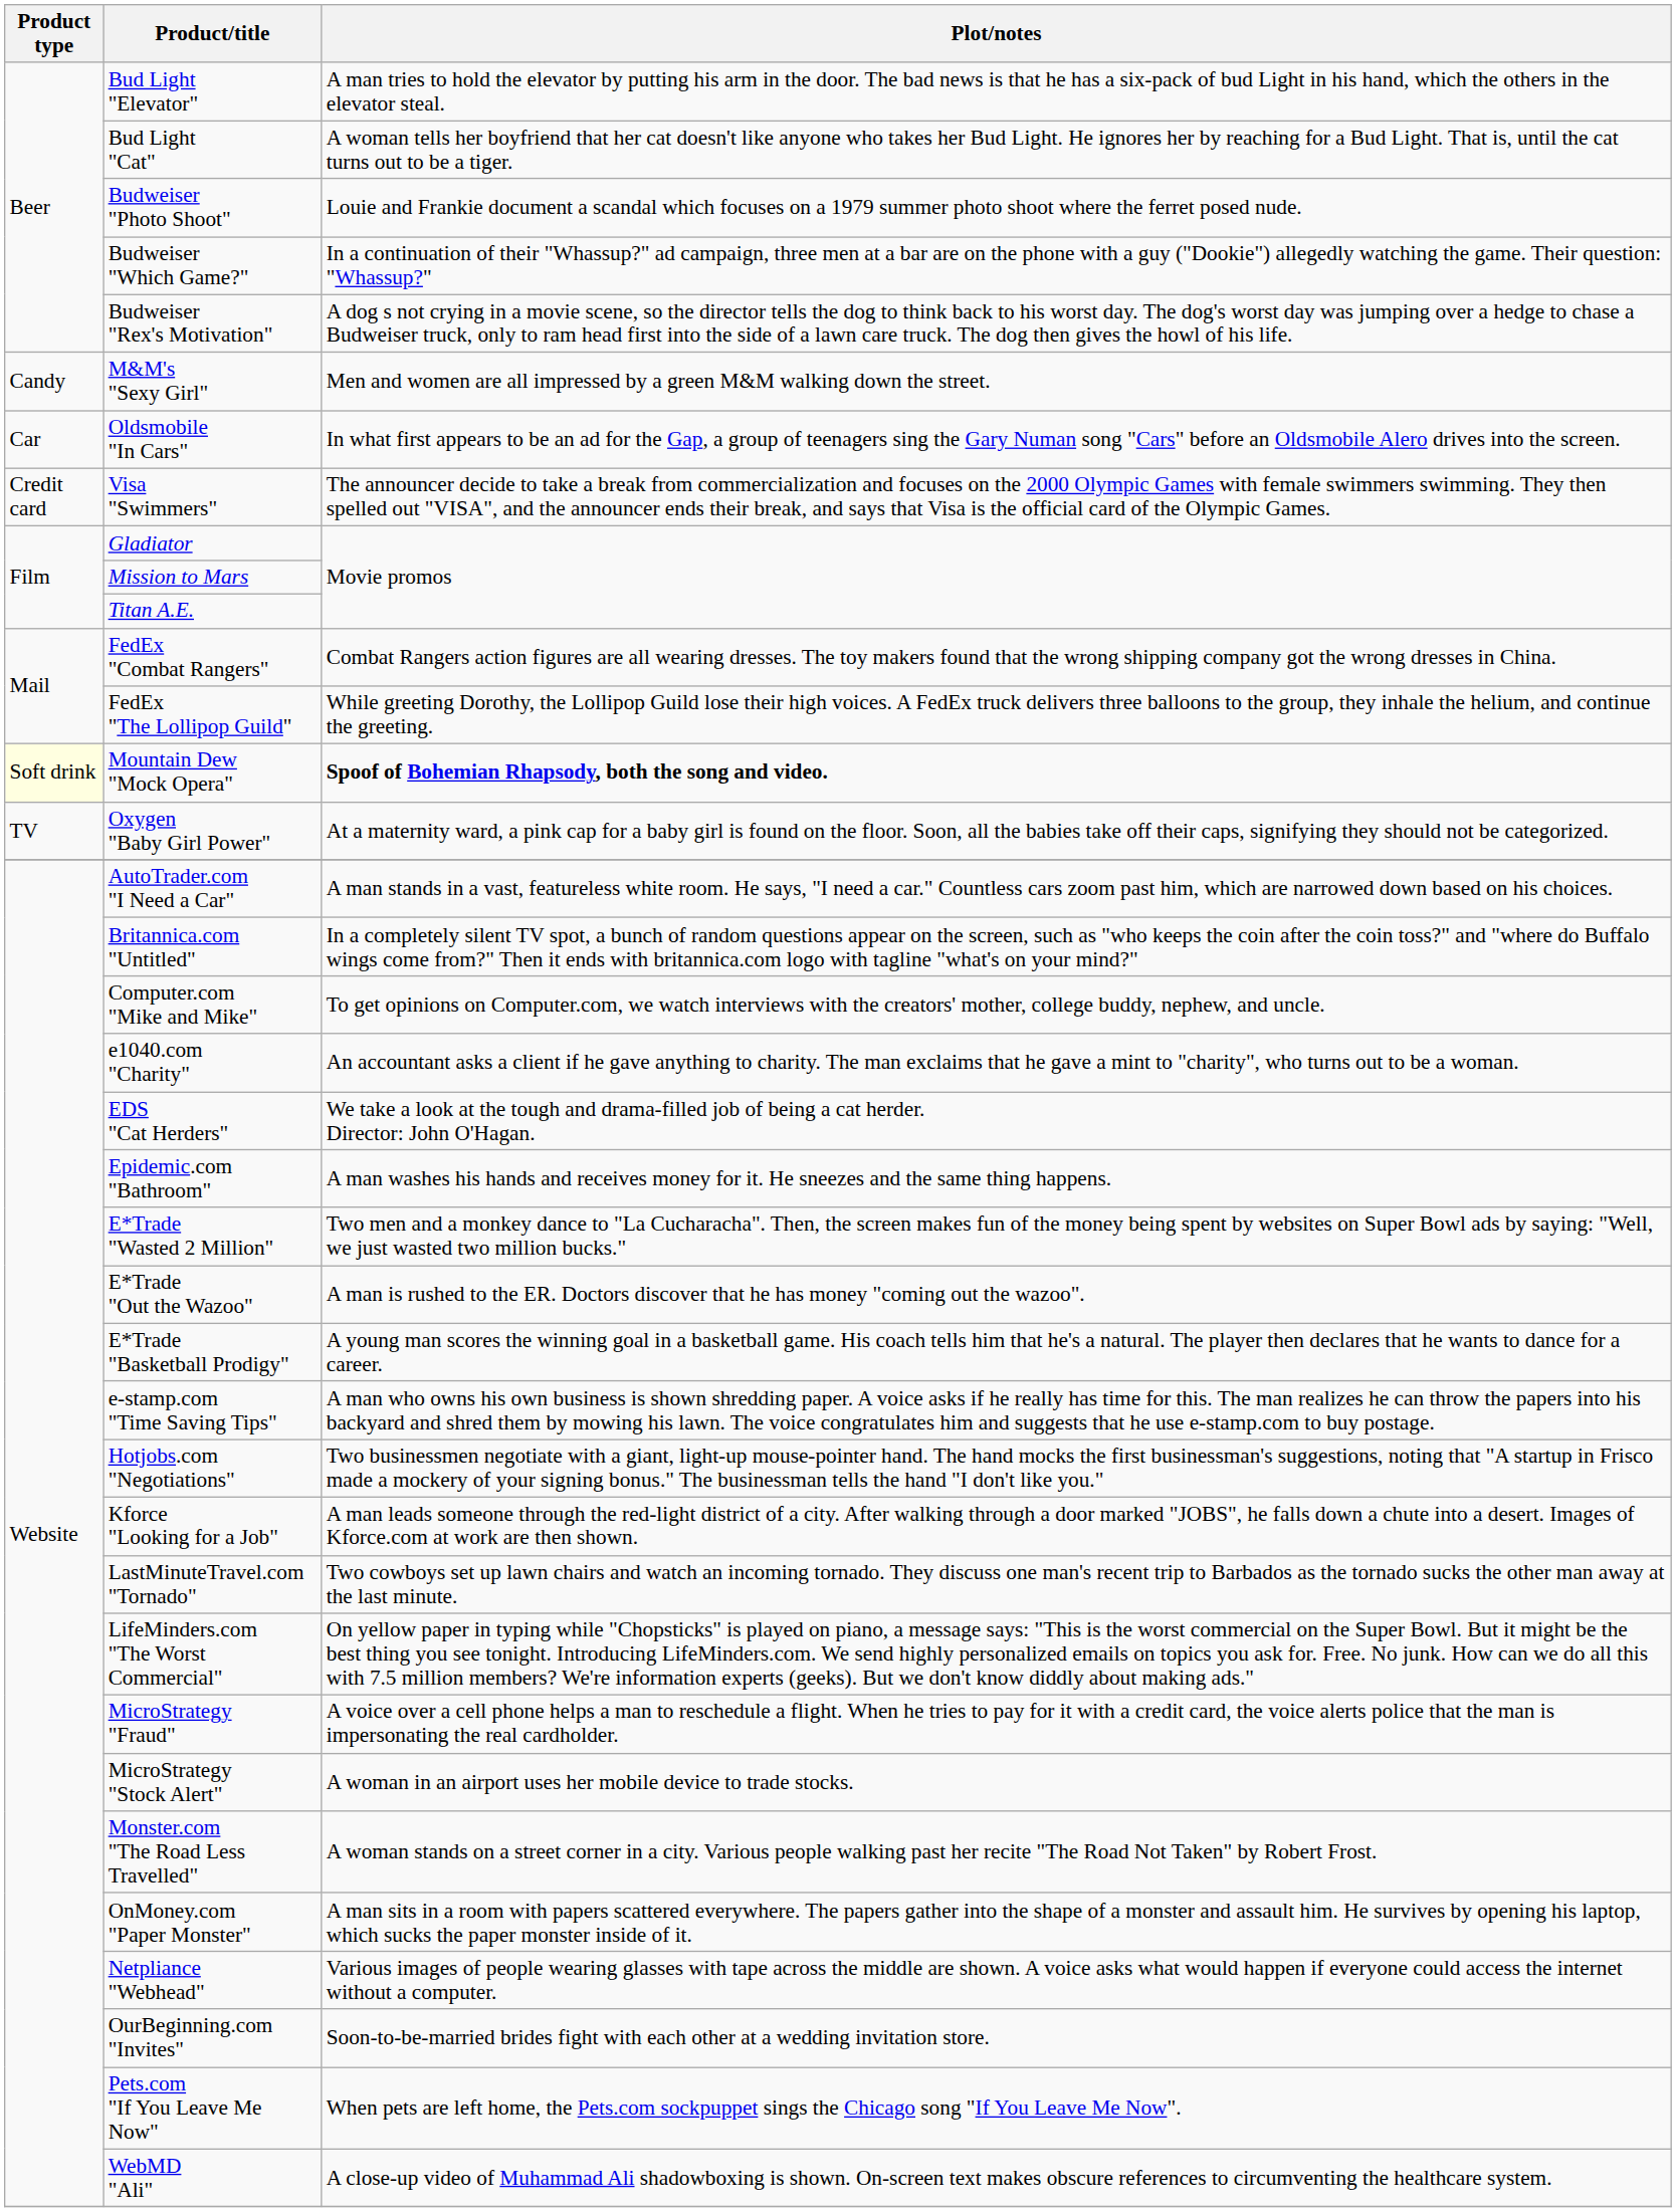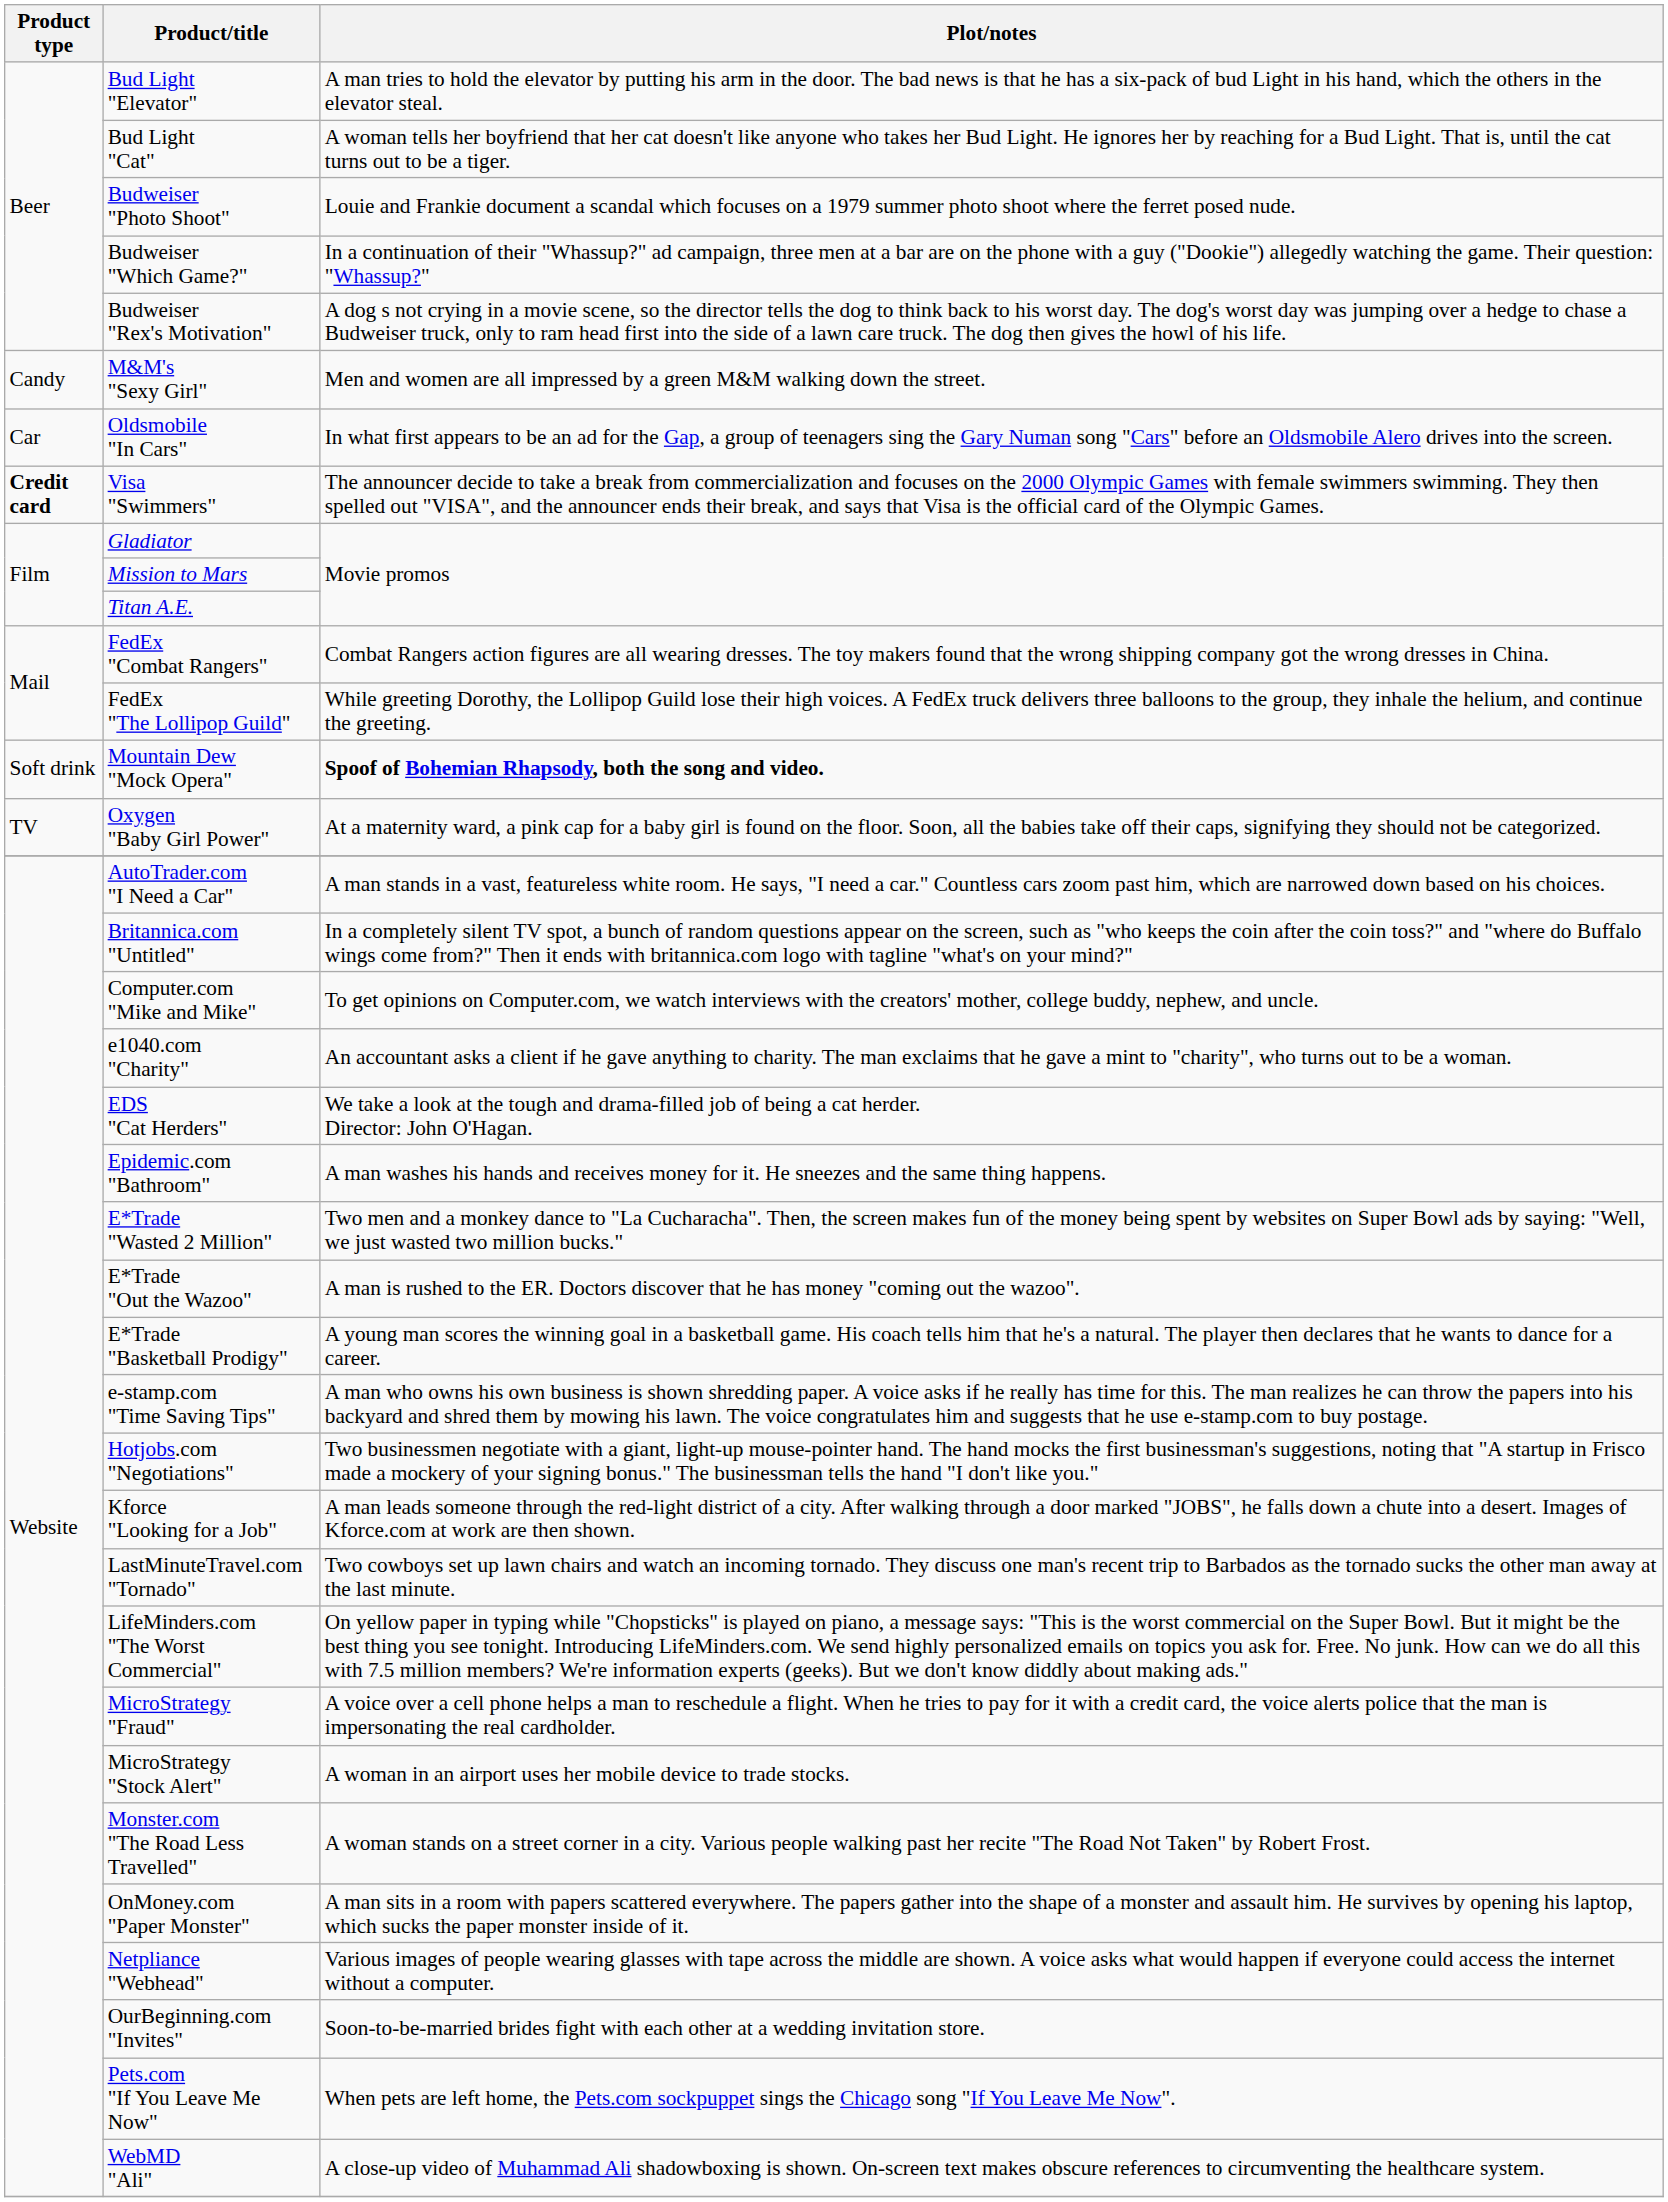 <table class="wikitable">
 <tr>
 <th>Product type</th>
 <th>Product/title</th>
 <th>Plot/notes</th>
 </tr>
 <tr>
 <td rowspan="5">Beer</td>
 <td><a href='#'>Bud Light</a><br>"Elevator"</td>
 <td>A man tries to hold the elevator by putting his arm in the door. The bad news is that he has a six-pack of bud Light in his hand, which the others in the elevator steal.</td>
 </tr>
 <tr>
 <td>Bud Light<br>"Cat"</td>
 <td>A woman tells her boyfriend that her cat doesn't like anyone who takes her Bud Light. He ignores her by reaching for a Bud Light. That is, until the cat turns out to be a tiger.</td>
 </tr>
 <tr>
 <td><a href='#'>Budweiser</a><br>"Photo Shoot"</td>
 <td>Louie and Frankie document a scandal which focuses on a 1979 summer photo shoot where the ferret posed nude.</td>
 </tr>
 <tr>
 <td>Budweiser<br>"Which Game?"</td>
 <td>In a continuation of their "Whassup?" ad campaign, three men at a bar are on the phone with a guy ("Dookie") allegedly watching the game. Their question: "<a href='#'>Whassup?</a>"</td>
 </tr>
 <tr>
 <td>Budweiser<br>"Rex's Motivation"</td>
 <td>A dog s not crying in a movie scene, so the director tells the dog to think back to his worst day. The dog's worst day was jumping over a hedge to chase a Budweiser truck, only to ram head first into the side of a lawn care truck. The dog then gives the howl of his life.</td>
 </tr>
 <tr>
 <td>Candy</td>
 <td><a href='#'>M&M's</a><br>"Sexy Girl"</td>
 <td>Men and women are all impressed by a green M&M walking down the street.</td>
 </tr>
 <tr>
 <td>Car</td>
 <td><a href='#'>Oldsmobile</a><br>"In Cars"</td>
 <td>In what first appears to be an ad for the <a href='#'>Gap</a>, a group of teenagers sing the <a href='#'>Gary Numan</a> song "<a href='#'>Cars</a>" before an <a href='#'>Oldsmobile Alero</a> drives into the screen.</td>
 </tr>
 <tr>
-<td>Credit card</td>
+<td><strong>Credit card</strong></td>
 <td><a href='#'>Visa</a><br>"Swimmers"</td>
 <td>The announcer decide to take a break from commercialization and focuses on the <a href='#'>2000 Olympic Games</a> with female swimmers swimming. They then spelled out "VISA", and the announcer ends their break, and says that Visa is the official card of the Olympic Games.</td>
 </tr>
 <tr>
 <td rowspan="3">Film</td>
 <td><em><a href='#'>Gladiator</a></em></td>
 <td rowspan="3">Movie promos</td>
 </tr>
 <tr>
 <td><em><a href='#'>Mission to Mars</a></em></td>
 </tr>
 <tr>
 <td><em><a href='#'>Titan A.E.</a></em></td>
 </tr>
 <tr>
 <td rowspan="2">Mail</td>
 <td><a href='#'>FedEx</a><br>"Combat Rangers"</td>
 <td>Combat Rangers action figures are all wearing dresses. The toy makers found that the wrong shipping company got the wrong dresses in China.</td>
 </tr>
 <tr>
 <td>FedEx<br>"<a href='#'>The Lollipop Guild</a>"</td>
 <td>While greeting Dorothy, the Lollipop Guild lose their high voices. A FedEx truck delivers three balloons to the group, they inhale the helium, and continue the greeting.</td>
 </tr>
 <tr>
-<td style="background: lightyellow;">Soft drink</td>
+<td>Soft drink</td>
 <td><a href='#'>Mountain Dew</a><br>"Mock Opera"</td>
 <td><strong>Spoof of <a href='#'>Bohemian Rhapsody</a>, both the song and video.</strong></td>
 </tr>
 <tr>
 <td>TV</td>
 <td><a href='#'>Oxygen</a><br>"Baby Girl Power"</td>
 <td>At a maternity ward, a pink cap for a baby girl is found on the floor. Soon, all the babies take off their caps, signifying they should not be categorized.</td>
 </tr>
 <tr>
 </tr>
 <tr>
 <td rowspan="22">Website</td>
 <td><a href='#'>AutoTrader.com</a><br>"I Need a Car"</td>
 <td>A man stands in a vast, featureless white room. He says, "I need a car." Countless cars zoom past him, which are narrowed down based on his choices.</td>
 </tr>
 <tr>
 <td><a href='#'>Britannica.com</a><br>"Untitled"</td>
 <td>In a completely silent TV spot, a bunch of random questions appear on the screen, such as "who keeps the coin after the coin toss?" and "where do Buffalo wings come from?" Then it ends with britannica.com logo with tagline "what's on your mind?"</td>
 </tr>
 <tr>
 <td>Computer.com<br>"Mike and Mike"</td>
 <td>To get opinions on Computer.com, we watch interviews with the creators' mother, college buddy, nephew, and uncle.</td>
 </tr>
 <tr>
 <td>e1040.com<br>"Charity"</td>
 <td>An accountant asks a client if he gave anything to charity. The man exclaims that he gave a mint to "charity", who turns out to be a woman.</td>
 </tr>
 <tr>
 <td><a href='#'>EDS</a><br>"Cat Herders"</td>
 <td>We take a look at the tough and drama-filled job of being a cat herder.<br>Director: John O'Hagan.</td>
 </tr>
 <tr>
 <td><a href='#'>Epidemic</a>.com<br>"Bathroom"</td>
 <td>A man washes his hands and receives money for it. He sneezes and the same thing happens.</td>
 </tr>
 <tr>
 <td><a href='#'>E*Trade</a><br>"Wasted 2 Million"</td>
 <td>Two men and a monkey dance to "La Cucharacha". Then, the screen makes fun of the money being spent by websites on Super Bowl ads by saying: "Well, we just wasted two million bucks."</td>
 </tr>
 <tr>
 <td>E*Trade<br>"Out the Wazoo"</td>
 <td>A man is rushed to the ER. Doctors discover that he has money "coming out the wazoo".</td>
 </tr>
 <tr>
 <td>E*Trade<br>"Basketball Prodigy"</td>
 <td>A young man scores the winning goal in a basketball game. His coach tells him that he's a natural. The player then declares that he wants to dance for a career.</td>
 </tr>
 <tr>
 <td>e-stamp.com<br>"Time Saving Tips"</td>
 <td>A man who owns his own business is shown shredding paper. A voice asks if he really has time for this. The man realizes he can throw the papers into his backyard and shred them by mowing his lawn. The voice congratulates him and suggests that he use e-stamp.com to buy postage.</td>
 </tr>
 <tr>
 <td><a href='#'>Hotjobs</a>.com<br>"Negotiations"</td>
 <td>Two businessmen negotiate with a giant, light-up mouse-pointer hand. The hand mocks the first businessman's suggestions, noting that "A startup in Frisco made a mockery of your signing bonus." The businessman tells the hand "I don't like you."</td>
 </tr>
 <tr>
 <td>Kforce<br>"Looking for a Job"</td>
 <td>A man leads someone through the red-light district of a city. After walking through a door marked "JOBS", he falls down a chute into a desert. Images of Kforce.com at work are then shown.</td>
 </tr>
 <tr>
 <td>LastMinuteTravel.com<br>"Tornado"</td>
 <td>Two cowboys set up lawn chairs and watch an incoming tornado. They discuss one man's recent trip to Barbados as the tornado sucks the other man away at the last minute.</td>
 </tr>
 <tr>
 <td>LifeMinders.com<br>"The Worst Commercial"</td>
 <td>On yellow paper in typing while "Chopsticks" is played on piano, a message says: "This is the worst commercial on the Super Bowl. But it might be the best thing you see tonight. Introducing LifeMinders.com. We send highly personalized emails on topics you ask for. Free. No junk. How can we do all this with 7.5 million members? We're information experts (geeks). But we don't know diddly about making ads."</td>
 </tr>
 <tr>
 <td><a href='#'>MicroStrategy</a><br>"Fraud"</td>
 <td>A voice over a cell phone helps a man to reschedule a flight. When he tries to pay for it with a credit card, the voice alerts police that the man is impersonating the real cardholder.</td>
 </tr>
 <tr>
 <td>MicroStrategy<br>"Stock Alert"</td>
 <td>A woman in an airport uses her mobile device to trade stocks.</td>
 </tr>
 <tr>
 <td><a href='#'>Monster.com</a><br>"The Road Less Travelled"</td>
 <td>A woman stands on a street corner in a city. Various people walking past her recite "The Road Not Taken" by Robert Frost.</td>
 </tr>
 <tr>
 <td>OnMoney.com<br>"Paper Monster"</td>
 <td>A man sits in a room with papers scattered everywhere. The papers gather into the shape of a monster and assault him. He survives by opening his laptop, which sucks the paper monster inside of it.</td>
 </tr>
 <tr>
 <td><a href='#'>Netpliance</a><br>"Webhead"</td>
 <td>Various images of people wearing glasses with tape across the middle are shown. A voice asks what would happen if everyone could access the internet without a computer.</td>
 </tr>
 <tr>
 <td>OurBeginning.com<br>"Invites"</td>
 <td>Soon-to-be-married brides fight with each other at a wedding invitation store.</td>
 </tr>
 <tr>
 <td><a href='#'>Pets.com</a><br>"If You Leave Me Now"</td>
 <td>When pets are left home, the <a href='#'>Pets.com sockpuppet</a> sings the <a href='#'>Chicago</a> song "<a href='#'>If You Leave Me Now</a>".</td>
 </tr>
 <tr>
 <td><a href='#'>WebMD</a><br>"Ali"</td>
 <td>A close-up video of <a href='#'>Muhammad Ali</a> shadowboxing is shown. On-screen text makes obscure references to circumventing the healthcare system.</td>
 </tr>
 <tr>
 </tr>
 </table>
